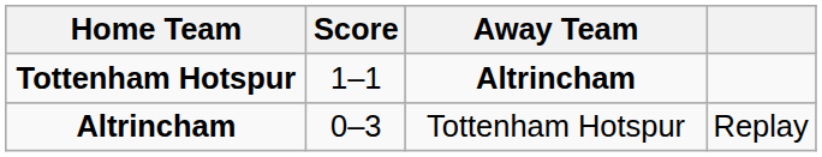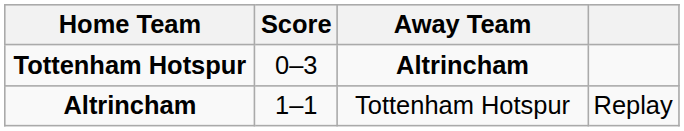 <table class="wikitable" style="text-align:center">
 <tr>
 <th width=150>Home Team</th>
 <th width=20>Score</th>
 <th width=150>Away Team</th>
 <th></th>
 </tr>
 <tr>
 <td><strong>Tottenham Hotspur</strong></td>
-<td>1–1</td>
+<td>0–3</td>
 <td><strong>Altrincham</strong></td>
 <td></td>
 </tr>
 <tr>
 <td><strong>Altrincham</strong></td>
-<td>0–3</td>
+<td>1–1</td>
 <td>Tottenham Hotspur</td>
 <td>Replay</td>
 </tr>
 </table>
